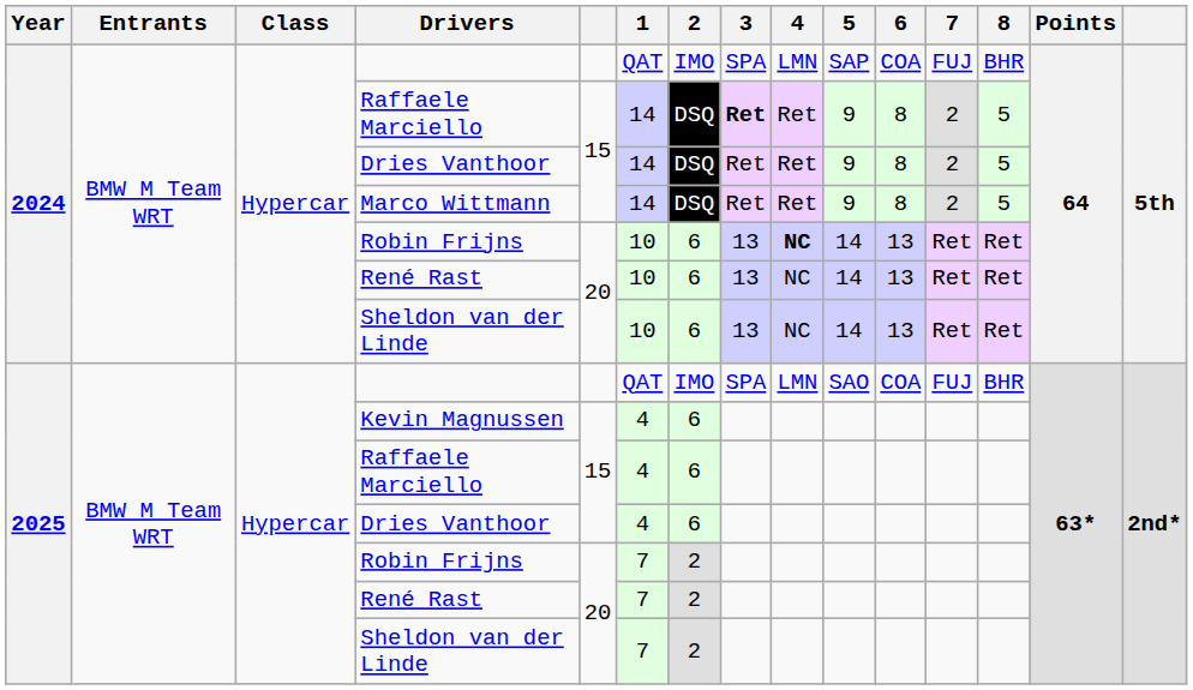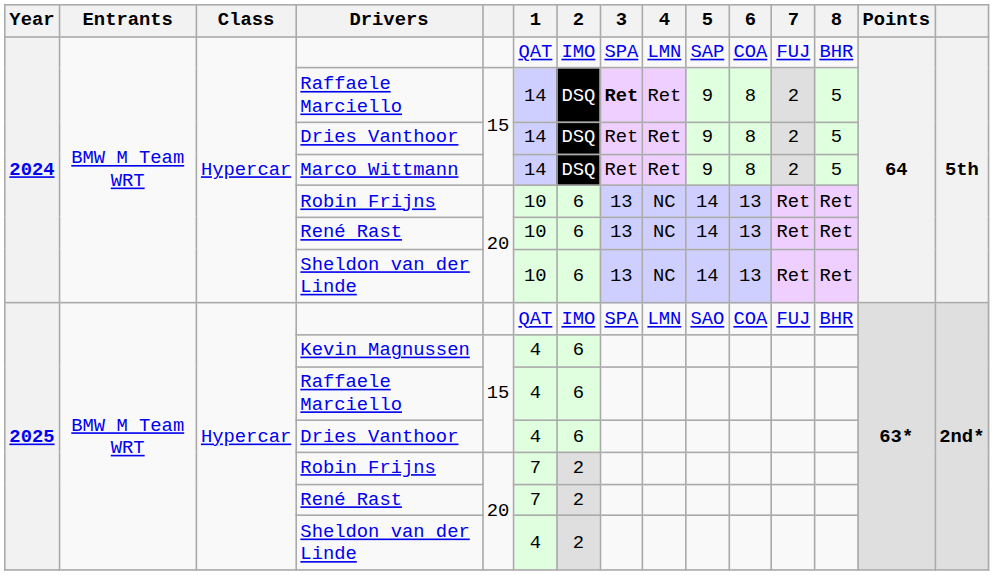 <table class = "wikitable" style="text-align:center; font-size:90%">
 <tr>
 <th>Year</th>
 <th>Entrants</th>
 <th>Class</th>
 <th>Drivers</th>
 <th></th>
 <th>1</th>
 <th>2</th>
 <th>3</th>
 <th>4</th>
 <th>5</th>
 <th>6</th>
 <th>7</th>
 <th>8</th>
 <th>Points</th>
 <th></th>
 </tr>
 <tr>
 <th rowspan="7"><a href='#'>2024</a></th>
 <td rowspan="7"><a href='#'>BMW M Team WRT</a></td>
 <td rowspan="7"><a href='#'>Hypercar</a></td>
 <td></td>
 <td></td>
 <td><a href='#'>QAT</a></td>
 <td><a href='#'>IMO</a></td>
 <td><a href='#'>SPA</a></td>
 <td><a href='#'>LMN</a></td>
 <td><a href='#'>SAP</a></td>
 <td><a href='#'>COA</a></td>
 <td><a href='#'>FUJ</a></td>
 <td><a href='#'>BHR</a></td>
 <th rowspan="7">64</th>
 <th rowspan="7">5th</th>
 </tr>
 <tr>
 <td align="left"> <a href='#'>Raffaele Marciello</a></td>
 <td rowspan="3">15</td>
 <td style="background:#CFCFFF;”">14</td>
 <td style="background:#000000;color:white";”>DSQ</td>
 <td style="background:#EFCFFF;"><strong>Ret</strong></td>
 <td style="background:#EFCFFF;">Ret</td>
 <td style="background:#dfffdf;">9</td>
 <td style="background:#dfffdf;">8</td>
 <td style="background:#DFDFDF;">2</td>
 <td style="background:#dfffdf;">5</td>
 </tr>
 <tr>
 <td align="left"> <a href='#'>Dries Vanthoor</a></td>
 <td style="background:#CFCFFF;”">14</td>
 <td style="background:#000000;color:white";”>DSQ</td>
 <td style="background:#EFCFFF;">Ret</td>
 <td style="background:#EFCFFF;">Ret</td>
 <td style="background:#dfffdf;">9</td>
 <td style="background:#dfffdf;">8</td>
 <td style="background:#DFDFDF;">2</td>
 <td style="background:#dfffdf;">5</td>
 </tr>
 <tr>
 <td align="left"> <a href='#'>Marco Wittmann</a></td>
 <td style="background:#CFCFFF;”">14</td>
 <td style="background:#000000;color:white";”>DSQ</td>
 <td style="background:#EFCFFF;">Ret</td>
 <td style="background:#EFCFFF;">Ret</td>
 <td style="background:#dfffdf;">9</td>
 <td style="background:#dfffdf;">8</td>
 <td style="background:#DFDFDF;">2</td>
 <td style="background:#dfffdf;">5</td>
 </tr>
 <tr>
 <td align="left"> <a href='#'>Robin Frijns</a></td>
 <td rowspan="3">20</td>
 <td style="background:#dfffdf;">10</td>
 <td style="background:#dfffdf;">6</td>
 <td style="background:#cfcfff;">13</td>
-<td style="background:#cfcfff;"><strong>NC</strong></td>
+<td style="background:#cfcfff;">NC</td>
 <td style="background:#cfcfff;">14</td>
 <td style="background:#CFCFFF;”">13</td>
 <td style="background:#EFCFFF;">Ret</td>
 <td style="background:#EFCFFF;">Ret</td>
 </tr>
 <tr>
 <td align="left"> <a href='#'>René Rast</a></td>
 <td style="background:#dfffdf;">10</td>
 <td style="background:#dfffdf;">6</td>
 <td style="background:#cfcfff;">13</td>
 <td style="background:#cfcfff;">NC</td>
 <td style="background:#cfcfff;">14</td>
 <td style="background:#CFCFFF;”">13</td>
 <td style="background:#EFCFFF;">Ret</td>
 <td style="background:#EFCFFF;">Ret</td>
 </tr>
 <tr>
 <td align="left"> <a href='#'>Sheldon van der Linde</a></td>
 <td style="background:#dfffdf;">10</td>
 <td style="background:#dfffdf;">6</td>
 <td style="background:#cfcfff;">13</td>
 <td style="background:#cfcfff;">NC</td>
 <td style="background:#cfcfff;">14</td>
 <td style="background:#CFCFFF;”">13</td>
 <td style="background:#EFCFFF;">Ret</td>
 <td style="background:#EFCFFF;">Ret</td>
 </tr>
 <tr>
 <th rowspan="7"><a href='#'>2025</a></th>
 <td rowspan="7"><a href='#'>BMW M Team WRT</a></td>
 <td rowspan="7"><a href='#'>Hypercar</a></td>
 <td></td>
 <td></td>
 <td><a href='#'>QAT</a></td>
 <td><a href='#'>IMO</a></td>
 <td><a href='#'>SPA</a></td>
 <td><a href='#'>LMN</a></td>
 <td><a href='#'>SAO</a></td>
 <td><a href='#'>COA</a></td>
 <td><a href='#'>FUJ</a></td>
 <td><a href='#'>BHR</a></td>
 <th rowspan="7" style="background:#dfdfdf;">63*</th>
 <th rowspan="7" style="background:#dfdfdf;">2nd*</th>
 </tr>
 <tr>
 <td align="left"> <a href='#'>Kevin Magnussen</a></td>
 <td rowspan="3">15</td>
 <td style="background:#DFFFDF;">4</td>
 <td style="background:#DFFFDF;">6</td>
 <td></td>
 <td></td>
 <td></td>
 <td></td>
 <td></td>
 <td></td>
 </tr>
 <tr>
 <td align="left"> <a href='#'>Raffaele Marciello</a></td>
 <td style="background:#DFFFDF;">4</td>
 <td style="background:#DFFFDF;">6</td>
 <td></td>
 <td></td>
 <td></td>
 <td></td>
 <td></td>
 <td></td>
 </tr>
 <tr>
 <td align="left"> <a href='#'>Dries Vanthoor</a></td>
 <td style="background:#DFFFDF;">4</td>
 <td style="background:#DFFFDF;">6</td>
 <td></td>
 <td></td>
 <td></td>
 <td></td>
 <td></td>
 <td></td>
 </tr>
 <tr>
 <td align="left"> <a href='#'>Robin Frijns</a></td>
 <td rowspan="3">20</td>
 <td style="background:#DFFFDF;">7</td>
 <td style="background:#dfdfdf;">2</td>
 <td></td>
 <td></td>
 <td></td>
 <td></td>
 <td></td>
 <td></td>
 </tr>
 <tr>
 <td align="left"> <a href='#'>René Rast</a></td>
 <td style="background:#DFFFDF;">7</td>
 <td style="background:#dfdfdf;">2</td>
 <td></td>
 <td></td>
 <td></td>
 <td></td>
 <td></td>
 <td></td>
 </tr>
 <tr>
 <td align="left"> <a href='#'>Sheldon van der Linde</a></td>
-<td style="background:#DFFFDF;">7</td>
+<td style="background:#DFFFDF;">4</td>
 <td style="background:#dfdfdf;">2</td>
 <td></td>
 <td></td>
 <td></td>
 <td></td>
 <td></td>
 <td></td>
 </tr>
 </table>
